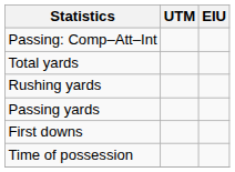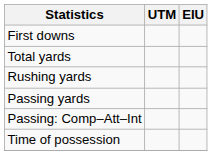 <table class="wikitable" style="float: left;">
 <tr>
 <th>Statistics</th>
 <th>UTM</th>
 <th>EIU</th>
 </tr>
 <tr>
-<td>Passing: Comp–Att–Int</td>
+<td>First downs</td>
 <td></td>
 <td></td>
 </tr>
 <tr>
 <td>Total yards</td>
 <td></td>
 <td></td>
 </tr>
 <tr>
 <td>Rushing yards</td>
 <td></td>
 <td></td>
 </tr>
 <tr>
 <td>Passing yards</td>
 <td></td>
 <td></td>
 </tr>
 <tr>
-<td>First downs</td>
+<td>Passing: Comp–Att–Int</td>
 <td></td>
 <td></td>
 </tr>
 <tr>
 <td>Time of possession</td>
 <td></td>
 <td></td>
 </tr>
 <tr>
 </tr>
 </table>
